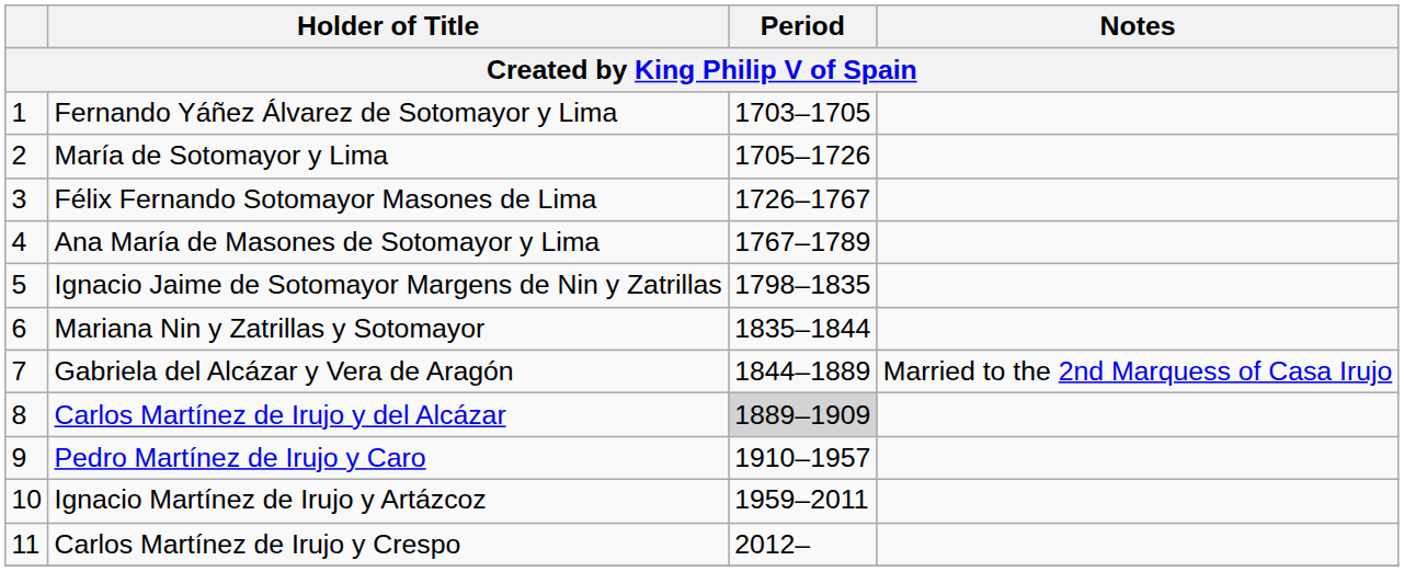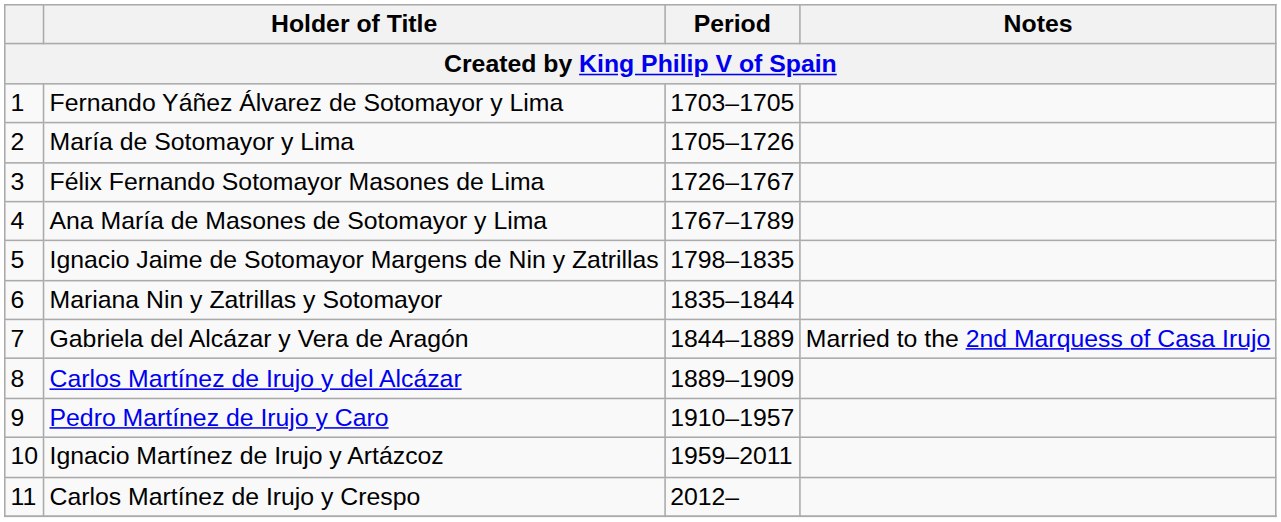 <table class="wikitable">
 <tr>
 <th></th>
 <th>Holder of Title</th>
 <th>Period</th>
 <th>Notes</th>
 </tr>
 <tr bgcolor="#dddddd" |>
 <th colspan="5">Created by <a href='#'>King Philip V of Spain</a></th>
 </tr>
 <tr>
 <td>1</td>
 <td>Fernando Yáñez Álvarez de Sotomayor y Lima</td>
 <td>1703–1705</td>
 <td></td>
 </tr>
 <tr>
 <td>2</td>
 <td>María de Sotomayor y Lima</td>
 <td>1705–1726</td>
 <td></td>
 </tr>
 <tr>
 <td>3</td>
 <td>Félix Fernando Sotomayor Masones de Lima</td>
 <td>1726–1767</td>
 <td></td>
 </tr>
 <tr>
 <td>4</td>
 <td>Ana María de Masones de Sotomayor y Lima</td>
 <td>1767–1789</td>
 <td></td>
 </tr>
 <tr>
 <td>5</td>
 <td>Ignacio Jaime de Sotomayor Margens de Nin y Zatrillas</td>
 <td>1798–1835</td>
 <td></td>
 </tr>
 <tr>
 <td>6</td>
 <td>Mariana Nin y Zatrillas y Sotomayor</td>
 <td>1835–1844</td>
 <td></td>
 </tr>
 <tr>
 <td>7</td>
 <td>Gabriela del Alcázar y Vera de Aragón</td>
 <td>1844–1889</td>
 <td>Married to the <a href='#'>2nd Marquess of Casa Irujo</a></td>
 </tr>
 <tr>
 <td>8</td>
 <td><a href='#'>Carlos Martínez de Irujo y del Alcázar</a></td>
-<td style="background: lightgrey;">1889–1909</td>
+<td>1889–1909</td>
 <td></td>
 </tr>
 <tr>
 <td>9</td>
 <td><a href='#'>Pedro Martínez de Irujo y Caro</a></td>
 <td>1910–1957</td>
 <td></td>
 </tr>
 <tr>
 <td>10</td>
 <td>Ignacio Martínez de Irujo y Artázcoz</td>
 <td>1959–2011</td>
 <td></td>
 </tr>
 <tr>
 <td>11</td>
 <td>Carlos Martínez de Irujo y Crespo</td>
 <td>2012–</td>
 <td></td>
 </tr>
 <tr>
 </tr>
 </table>
